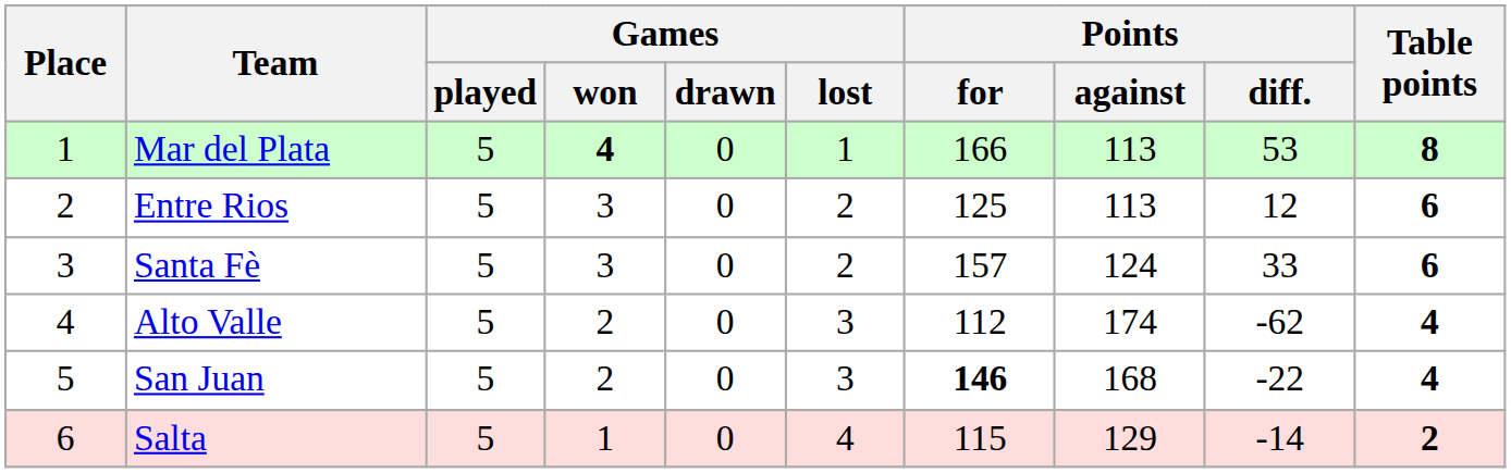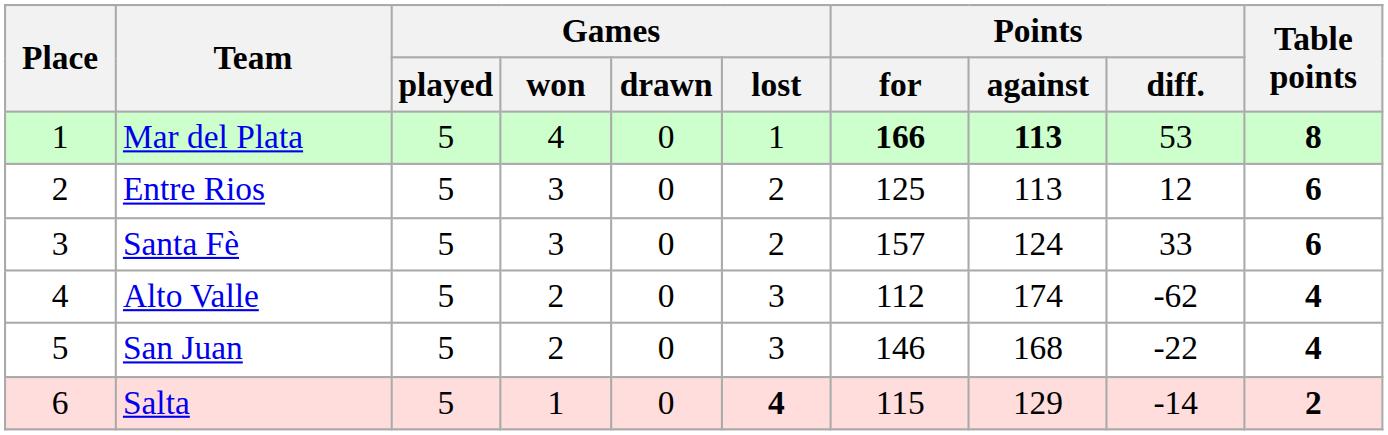 <table class="wikitable">
 <tr>
 <th rowspan=2 width="8%">Place</th>
 <th rowspan=2 width="20%">Team</th>
 <th colspan=4 width="32%">Games</th>
 <th colspan=3 width="30%">Points</th>
 <th rowspan=2 width="10%">Table<br>points</th>
 </tr>
 <tr>
 <th width="8%">played</th>
 <th width="8%">won</th>
 <th width="8%">drawn</th>
 <th width="8%">lost</th>
 <th width="10%">for</th>
 <th width="10%">against</th>
 <th width="10%">diff.</th>
 </tr>
 <tr align=center style="background: #ccffcc;">
 <td>1</td>
 <td align=left><a href='#'>Mar del Plata</a></td>
 <td>5</td>
-<td><strong>4</strong></td>
+<td>4</td>
 <td>0</td>
 <td>1</td>
-<td>166</td>
-<td>113</td>
+<td><strong>166</strong></td>
+<td><strong>113</strong></td>
 <td>53</td>
 <td><strong>8</strong></td>
 </tr>
 <tr align=center style="background: #ffffff;">
 <td>2</td>
 <td align=left><a href='#'>Entre Rios</a></td>
 <td>5</td>
 <td>3</td>
 <td>0</td>
 <td>2</td>
 <td>125</td>
 <td>113</td>
 <td>12</td>
 <td><strong>6</strong></td>
 </tr>
 <tr align=center style="background: #ffffff;">
 <td>3</td>
 <td align=left><a href='#'>Santa Fè</a></td>
 <td>5</td>
 <td>3</td>
 <td>0</td>
 <td>2</td>
 <td>157</td>
 <td>124</td>
 <td>33</td>
 <td><strong>6</strong></td>
 </tr>
 <tr align=center style="background: #ffffff;">
 <td>4</td>
 <td align=left><a href='#'>Alto Valle</a></td>
 <td>5</td>
 <td>2</td>
 <td>0</td>
 <td>3</td>
 <td>112</td>
 <td>174</td>
 <td>-62</td>
 <td><strong>4</strong></td>
 </tr>
 <tr align=center style="background: #ffffff;">
 <td>5</td>
 <td align=left><a href='#'>San Juan</a></td>
 <td>5</td>
 <td>2</td>
 <td>0</td>
 <td>3</td>
-<td><strong>146</strong></td>
+<td>146</td>
 <td>168</td>
 <td>-22</td>
 <td><strong>4</strong></td>
 </tr>
 <tr align=center style="background: #ffdddd;">
 <td>6</td>
 <td align=left><a href='#'>Salta</a></td>
 <td>5</td>
 <td>1</td>
 <td>0</td>
-<td>4</td>
+<td><strong>4</strong></td>
 <td>115</td>
 <td>129</td>
 <td>-14</td>
 <td><strong>2</strong></td>
 </tr>
 </table>
